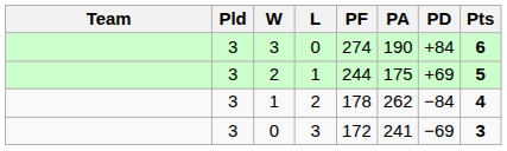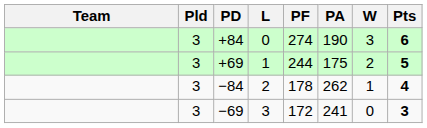 <table class=wikitable style="text-align:center">
 <tr>
 <th width=180>Team</th>
 <th width=30>Pld</th>
-<th width=30>W</th>
+<th width=30>PD</th>
 <th width=30>L</th>
 <th width=30>PF</th>
 <th width=30>PA</th>
-<th width=30>PD</th>
+<th width=30>W</th>
 <th width=30>Pts</th>
 </tr>
 <tr align=center bgcolor="#ccffcc">
 <td align=left></td>
 <td>3</td>
-<td>3</td>
+<td>+84</td>
 <td>0</td>
 <td>274</td>
 <td>190</td>
-<td>+84</td>
+<td>3</td>
 <td><strong>6</strong></td>
 </tr>
 <tr align=center bgcolor="#ccffcc">
 <td align=left></td>
 <td>3</td>
-<td>2</td>
+<td>+69</td>
 <td>1</td>
 <td>244</td>
 <td>175</td>
-<td>+69</td>
+<td>2</td>
 <td><strong>5</strong></td>
 </tr>
 <tr align=center>
 <td align=left></td>
 <td>3</td>
-<td>1</td>
+<td>−84</td>
 <td>2</td>
 <td>178</td>
 <td>262</td>
-<td>−84</td>
+<td>1</td>
 <td><strong>4</strong></td>
 </tr>
 <tr align=center>
 <td align=left></td>
 <td>3</td>
-<td>0</td>
+<td>−69</td>
 <td>3</td>
 <td>172</td>
 <td>241</td>
-<td>−69</td>
+<td>0</td>
 <td><strong>3</strong></td>
 </tr>
 </table>
